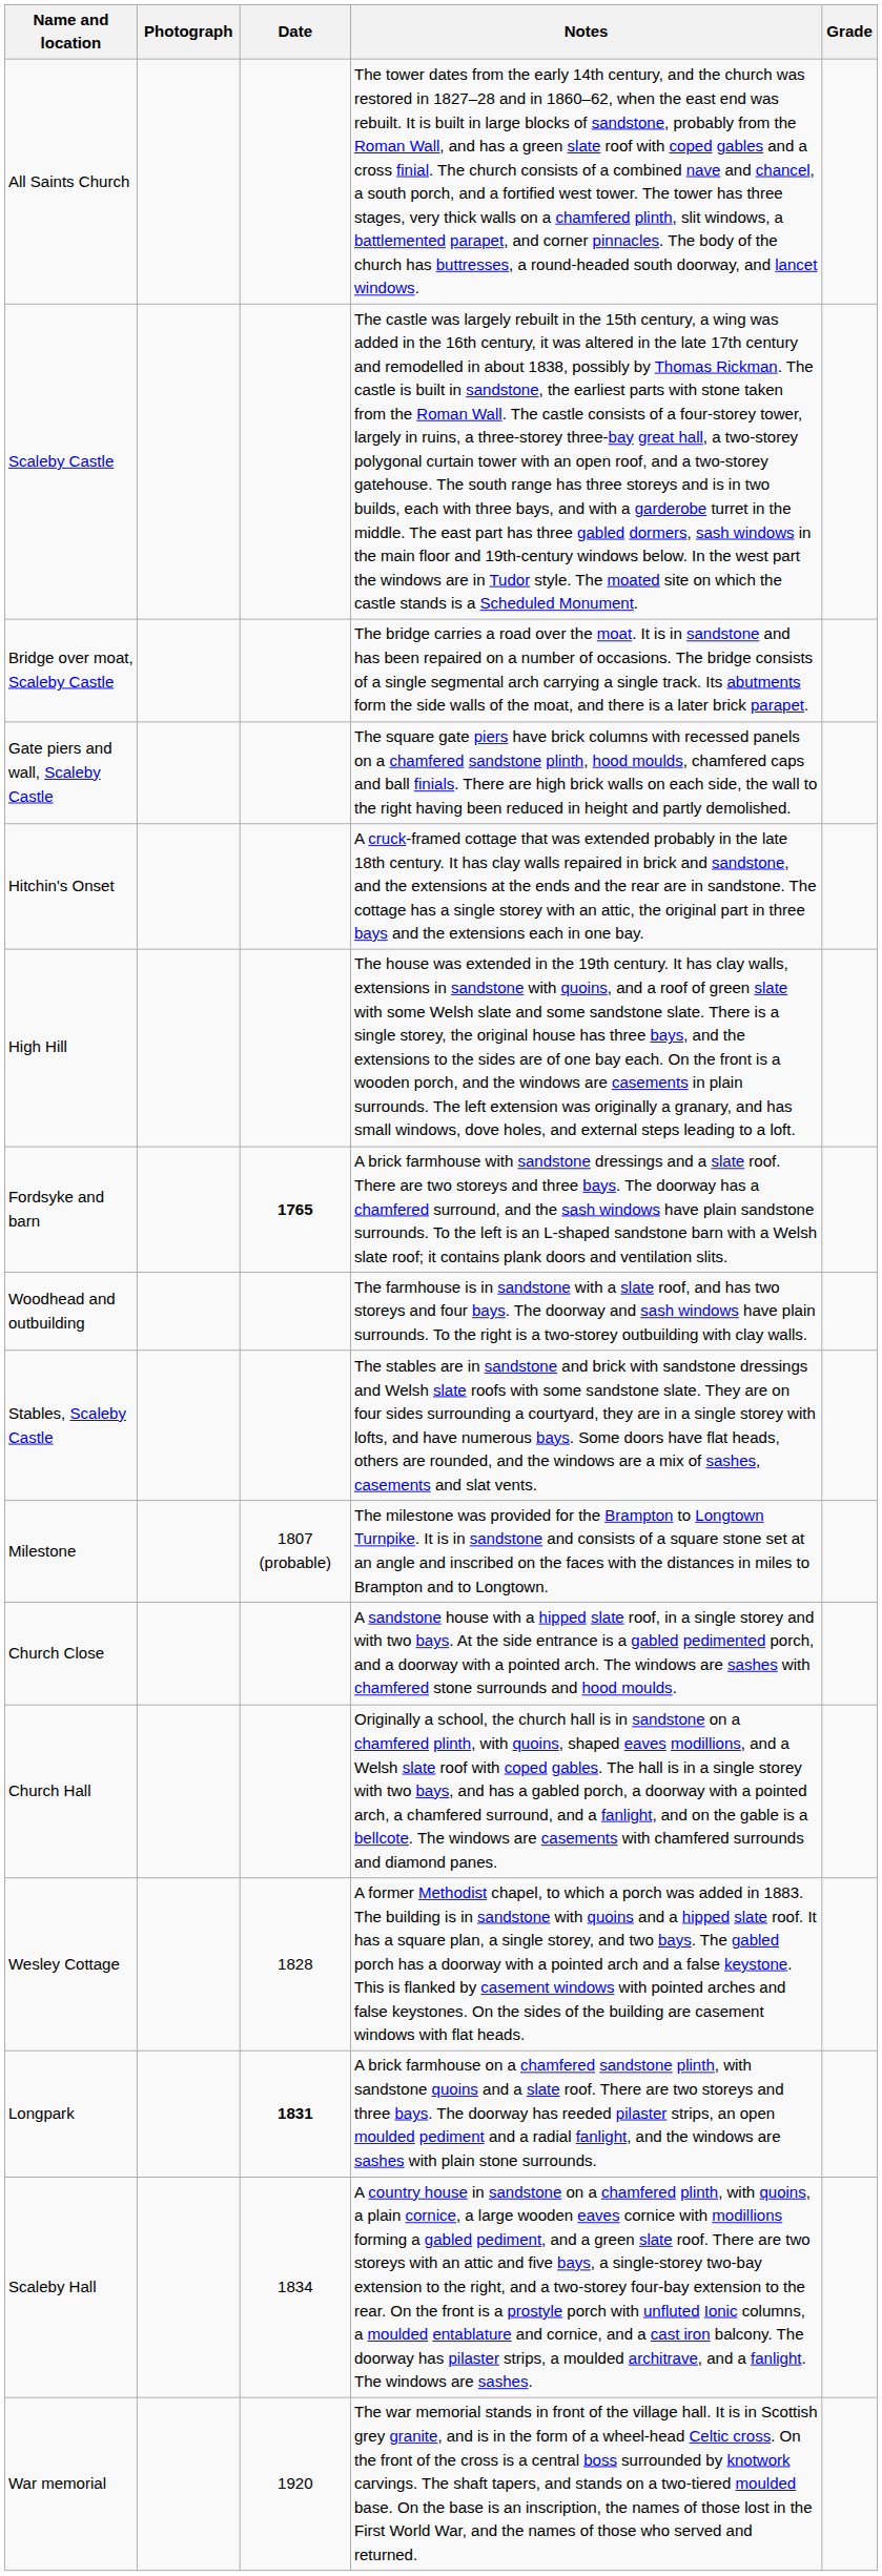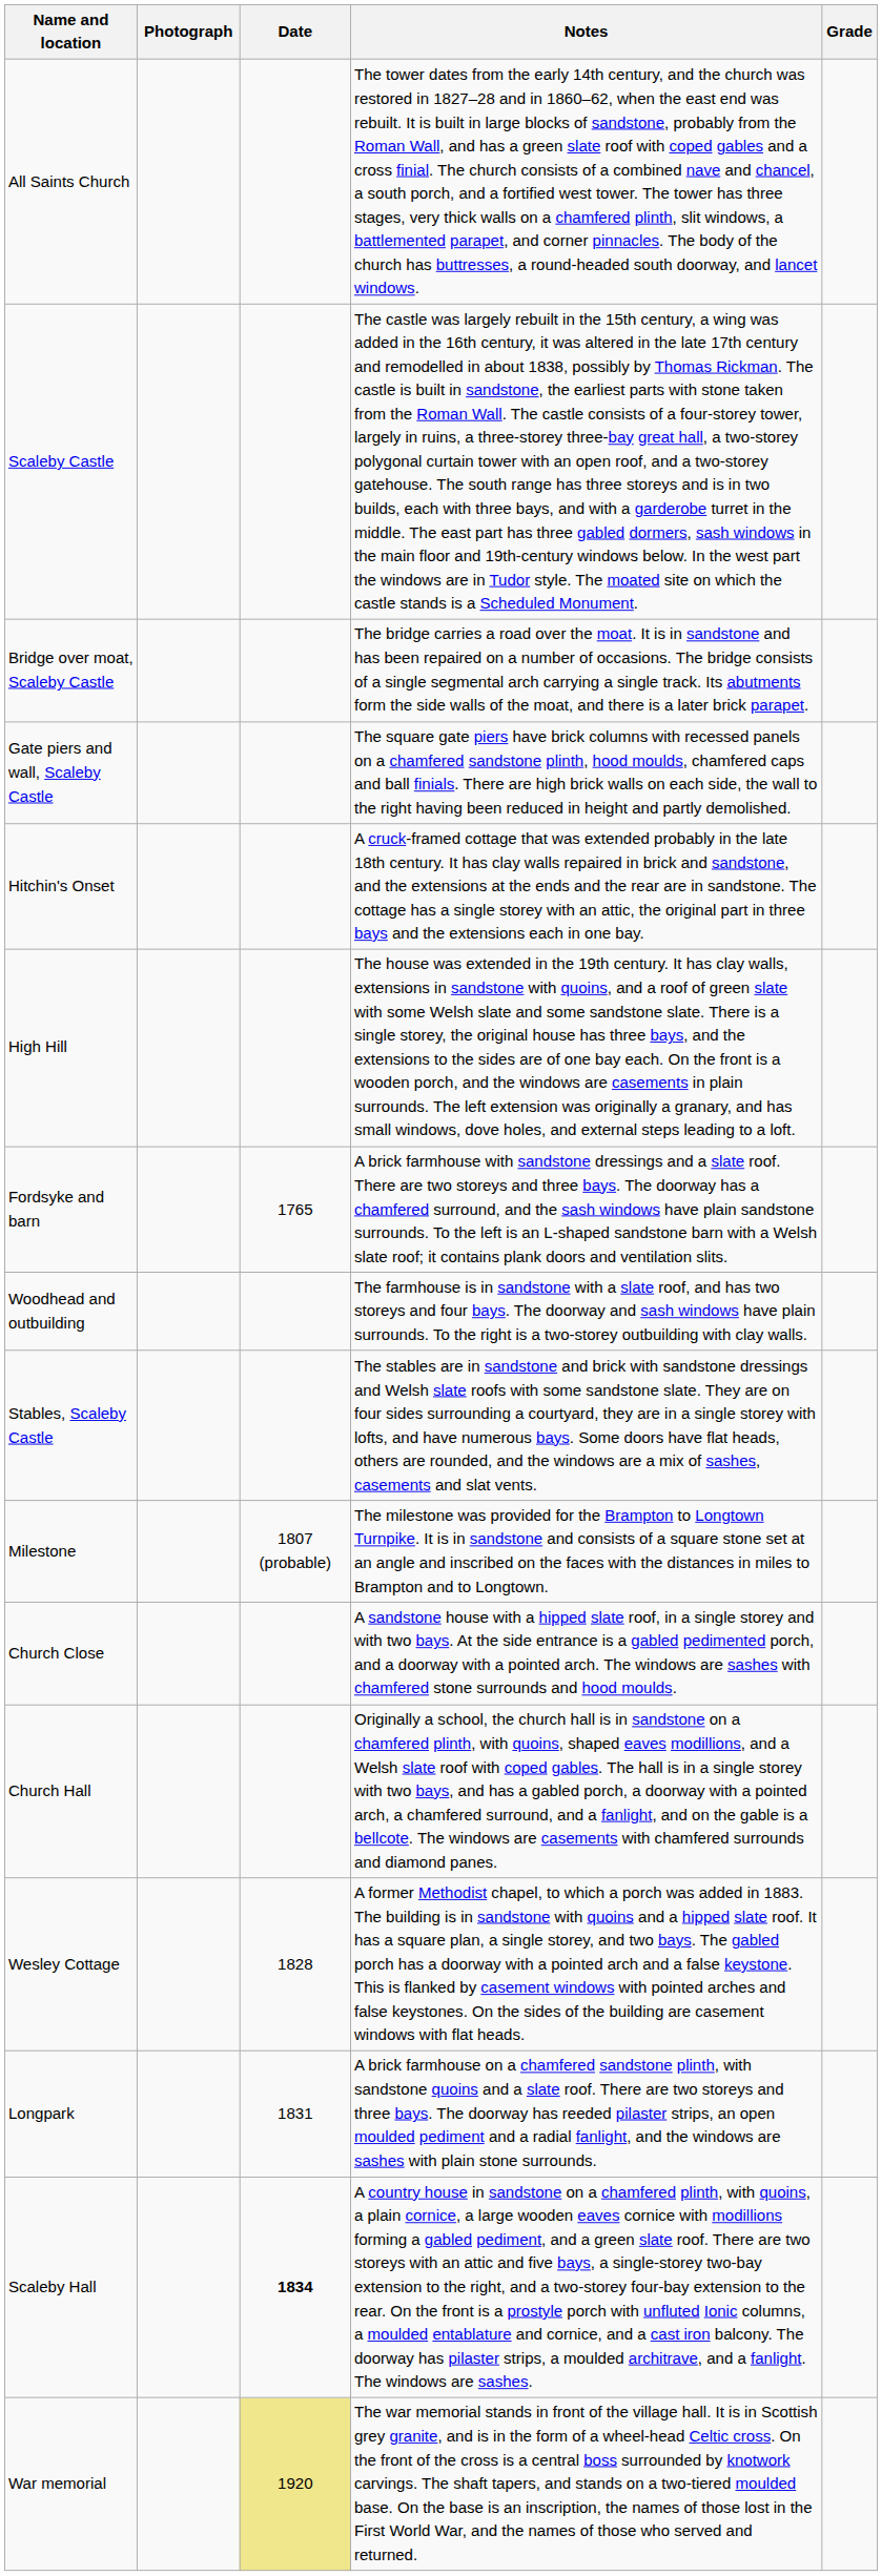 <table class="wikitable sortable plainrowheaders" style="width:100%; border:0; text-align:left; line-height:150%;">
 <tr>
 <th scope="col"  style="width:150px">Name and location</th>
 <th scope="col"  style="width:100px" class="unsortable">Photograph</th>
 <th scope="col"  style="width:120px">Date</th>
 <th scope="col"  style="width:650px" class="unsortable">Notes</th>
 <th scope="col"  style="width:50px">Grade</th>
 </tr>
 <tr>
 <td>All Saints Church<br><small></small></td>
 <td></td>
 <td align="center"></td>
 <td>The tower dates from the early 14th century, and the church was restored in 1827–28 and in 1860–62, when the east end was rebuilt.  It is built in large blocks of <a href='#'>sandstone</a>, probably from the <a href='#'>Roman Wall</a>, and has a green <a href='#'>slate</a> roof with <a href='#'>coped</a> <a href='#'>gables</a> and a cross <a href='#'>finial</a>.  The church consists of a combined <a href='#'>nave</a> and <a href='#'>chancel</a>, a south porch, and a fortified west tower.  The tower has three stages, very thick walls on a <a href='#'>chamfered</a> <a href='#'>plinth</a>, slit windows, a <a href='#'>battlemented</a> <a href='#'>parapet</a>, and corner <a href='#'>pinnacles</a>.  The body of the church has <a href='#'>buttresses</a>, a round-headed south doorway, and <a href='#'>lancet windows</a>.</td>
 <td align="center" ></td>
 </tr>
 <tr>
 <td><a href='#'>Scaleby Castle</a><br><small></small></td>
 <td></td>
 <td align="center"></td>
 <td>The castle was largely rebuilt in the 15th century, a wing was added in the 16th century, it was altered in the late 17th century and remodelled in about 1838, possibly by <a href='#'>Thomas Rickman</a>.  The castle is built in <a href='#'>sandstone</a>, the earliest parts with stone taken from the <a href='#'>Roman Wall</a>.  The castle consists of a four-storey tower, largely in ruins, a three-storey three-<a href='#'>bay</a> <a href='#'>great hall</a>, a two-storey polygonal curtain tower with an open roof, and a two-storey gatehouse.  The south range has three storeys and is in two builds, each with three bays, and with a <a href='#'>garderobe</a> turret in the middle.  The east part has three <a href='#'>gabled</a> <a href='#'>dormers</a>, <a href='#'>sash windows</a> in the main floor and 19th-century windows below.  In the west part the windows are in <a href='#'>Tudor</a> style.  The <a href='#'>moated</a> site on which the castle stands is a <a href='#'>Scheduled Monument</a>.</td>
 <td align="center" ></td>
 </tr>
 <tr>
 <td>Bridge over moat, <a href='#'>Scaleby Castle</a><br><small></small></td>
 <td></td>
 <td align="center"></td>
 <td>The bridge carries a road over the <a href='#'>moat</a>.  It is in <a href='#'>sandstone</a> and has been repaired on a number of occasions.  The bridge consists of a single segmental arch carrying a single track.  Its <a href='#'>abutments</a> form the side walls of the moat, and there is a later brick <a href='#'>parapet</a>.</td>
 <td align="center" ></td>
 </tr>
 <tr>
 <td>Gate piers and wall, <a href='#'>Scaleby Castle</a><br><small></small></td>
 <td></td>
 <td align="center"></td>
 <td>The square gate <a href='#'>piers</a> have brick columns with recessed panels on a <a href='#'>chamfered</a> <a href='#'>sandstone</a> <a href='#'>plinth</a>, <a href='#'>hood moulds</a>, chamfered caps and ball <a href='#'>finials</a>.  There are high brick walls on each side, the wall to the right having been reduced in height and partly demolished.</td>
 <td align="center" ></td>
 </tr>
 <tr>
 <td>Hitchin's Onset<br><small></small></td>
 <td></td>
 <td align="center"></td>
 <td>A <a href='#'>cruck</a>-framed cottage that was extended probably in the late 18th century.  It has clay walls repaired in brick and <a href='#'>sandstone</a>, and the extensions at the ends and the rear are in sandstone.  The cottage has a single storey with an attic, the original part in three <a href='#'>bays</a> and the extensions each in one bay.</td>
 <td align="center" ></td>
 </tr>
 <tr>
 <td>High Hill<br><small></small></td>
 <td></td>
 <td align="center"></td>
 <td>The house was extended in the 19th century.  It has clay walls, extensions in <a href='#'>sandstone</a> with <a href='#'>quoins</a>, and a roof of green <a href='#'>slate</a> with some Welsh slate and some sandstone slate.  There is a single storey, the original house has three <a href='#'>bays</a>, and the extensions to the sides are of one bay each.  On the front is a wooden porch, and the windows are <a href='#'>casements</a> in plain surrounds.  The left extension was originally a granary, and has small windows, dove holes, and external steps leading to a loft.</td>
 <td align="center" ></td>
 </tr>
 <tr>
 <td>Fordsyke and barn<br><small></small></td>
 <td></td>
-<td align="center"><strong>1765</strong></td>
+<td align="center">1765</td>
 <td>A brick farmhouse with <a href='#'>sandstone</a> dressings and a <a href='#'>slate</a> roof.  There are two storeys and three <a href='#'>bays</a>.  The doorway has a <a href='#'>chamfered</a> surround, and the <a href='#'>sash windows</a> have plain sandstone surrounds.  To the left is an L-shaped sandstone barn with a Welsh slate roof; it contains plank doors and ventilation slits.</td>
 <td align="center" ></td>
 </tr>
 <tr>
 <td>Woodhead and outbuilding<br><small></small></td>
 <td></td>
 <td align="center"></td>
 <td>The farmhouse is in <a href='#'>sandstone</a> with a <a href='#'>slate</a> roof, and has two storeys and four <a href='#'>bays</a>.  The doorway and <a href='#'>sash windows</a> have plain surrounds.  To the right is a two-storey outbuilding with clay walls.</td>
 <td align="center" ></td>
 </tr>
 <tr>
 <td>Stables, <a href='#'>Scaleby Castle</a><br><small></small></td>
 <td></td>
 <td align="center"></td>
 <td>The stables are in <a href='#'>sandstone</a> and brick with sandstone dressings and Welsh <a href='#'>slate</a> roofs with some sandstone slate.  They are on four sides surrounding a courtyard, they are in a single storey with lofts, and have numerous <a href='#'>bays</a>.  Some doors have flat heads, others are rounded, and the windows are a mix of <a href='#'>sashes</a>, <a href='#'>casements</a> and slat vents.</td>
 <td align="center" ></td>
 </tr>
 <tr>
 <td>Milestone<br><small></small></td>
 <td></td>
 <td align="center">1807 (probable)</td>
 <td>The milestone was provided for the <a href='#'>Brampton</a> to <a href='#'>Longtown</a> <a href='#'>Turnpike</a>.  It is in <a href='#'>sandstone</a> and consists of a square stone set at an angle and inscribed on the faces with the distances in miles to Brampton and to Longtown.</td>
 <td align="center" ></td>
 </tr>
 <tr>
 <td>Church Close<br><small></small></td>
 <td></td>
 <td align="center"></td>
 <td>A <a href='#'>sandstone</a> house with a <a href='#'>hipped</a> <a href='#'>slate</a> roof, in a single storey and with two <a href='#'>bays</a>.  At the side entrance is a <a href='#'>gabled</a> <a href='#'>pedimented</a> porch, and a doorway with a pointed arch.  The windows are <a href='#'>sashes</a> with <a href='#'>chamfered</a> stone surrounds and <a href='#'>hood moulds</a>.</td>
 <td align="center" ></td>
 </tr>
 <tr>
 <td>Church Hall<br><small></small></td>
 <td></td>
 <td align="center"></td>
 <td>Originally a school, the church hall is in <a href='#'>sandstone</a> on a <a href='#'>chamfered</a> <a href='#'>plinth</a>, with <a href='#'>quoins</a>, shaped <a href='#'>eaves</a> <a href='#'>modillions</a>, and a Welsh <a href='#'>slate</a> roof with <a href='#'>coped</a> <a href='#'>gables</a>.  The hall is in a single storey with two <a href='#'>bays</a>, and has a gabled porch, a doorway with a pointed arch, a chamfered surround, and a <a href='#'>fanlight</a>, and on the gable is a <a href='#'>bellcote</a>.  The windows are <a href='#'>casements</a> with chamfered surrounds and diamond panes.</td>
 <td align="center" ></td>
 </tr>
 <tr>
 <td>Wesley Cottage<br><small></small></td>
 <td></td>
 <td align="center">1828</td>
 <td>A former <a href='#'>Methodist</a> chapel, to which a porch was added in 1883.  The building is in <a href='#'>sandstone</a> with <a href='#'>quoins</a> and a <a href='#'>hipped</a> <a href='#'>slate</a> roof.  It has a square plan, a single storey, and two <a href='#'>bays</a>.  The <a href='#'>gabled</a> porch has a doorway with a pointed arch and a false <a href='#'>keystone</a>.  This is flanked by <a href='#'>casement windows</a> with pointed arches and false keystones.  On the sides of the building are casement windows with flat heads.</td>
 <td align="center" ></td>
 </tr>
 <tr>
 <td>Longpark<br><small></small></td>
 <td></td>
-<td align="center"><strong>1831</strong></td>
+<td align="center">1831</td>
 <td>A brick farmhouse on a <a href='#'>chamfered</a> <a href='#'>sandstone</a> <a href='#'>plinth</a>, with sandstone <a href='#'>quoins</a> and a <a href='#'>slate</a> roof.  There are two storeys and three <a href='#'>bays</a>.  The doorway has reeded <a href='#'>pilaster</a> strips, an open <a href='#'>moulded</a> <a href='#'>pediment</a> and a radial <a href='#'>fanlight</a>, and the windows are <a href='#'>sashes</a> with plain stone surrounds.</td>
 <td align="center" ></td>
 </tr>
 <tr>
 <td>Scaleby Hall<br><small></small></td>
 <td></td>
-<td align="center">1834</td>
+<td align="center"><strong>1834</strong></td>
 <td>A <a href='#'>country house</a> in <a href='#'>sandstone</a> on a <a href='#'>chamfered</a> <a href='#'>plinth</a>, with <a href='#'>quoins</a>, a plain <a href='#'>cornice</a>, a large wooden <a href='#'>eaves</a> cornice with <a href='#'>modillions</a> forming a <a href='#'>gabled</a> <a href='#'>pediment</a>, and a green <a href='#'>slate</a> roof.  There are two storeys with an attic and five <a href='#'>bays</a>, a single-storey two-bay extension to the right, and a two-storey four-bay extension to the rear.  On the front is a <a href='#'>prostyle</a> porch with <a href='#'>unfluted</a> <a href='#'>Ionic</a> columns, a <a href='#'>moulded</a> <a href='#'>entablature</a> and cornice, and a <a href='#'>cast iron</a> balcony.  The doorway has <a href='#'>pilaster</a> strips, a moulded <a href='#'>architrave</a>, and a <a href='#'>fanlight</a>.  The windows are <a href='#'>sashes</a>.</td>
 <td align="center" ></td>
 </tr>
 <tr>
 <td>War memorial<br><small></small></td>
 <td></td>
-<td align="center">1920</td>
+<td align="center" style="background: khaki;">1920</td>
 <td>The war memorial stands in front of the village hall.  It is in Scottish grey <a href='#'>granite</a>, and is in the form of a wheel-head <a href='#'>Celtic cross</a>.  On the front of the cross is a central <a href='#'>boss</a> surrounded by <a href='#'>knotwork</a> carvings.  The shaft tapers, and stands on a two-tiered <a href='#'>moulded</a> base.  On the base is an inscription, the names of those lost in the First World War, and the names of those who served and returned.</td>
 <td align="center" ></td>
 </tr>
 <tr>
 </tr>
 </table>
